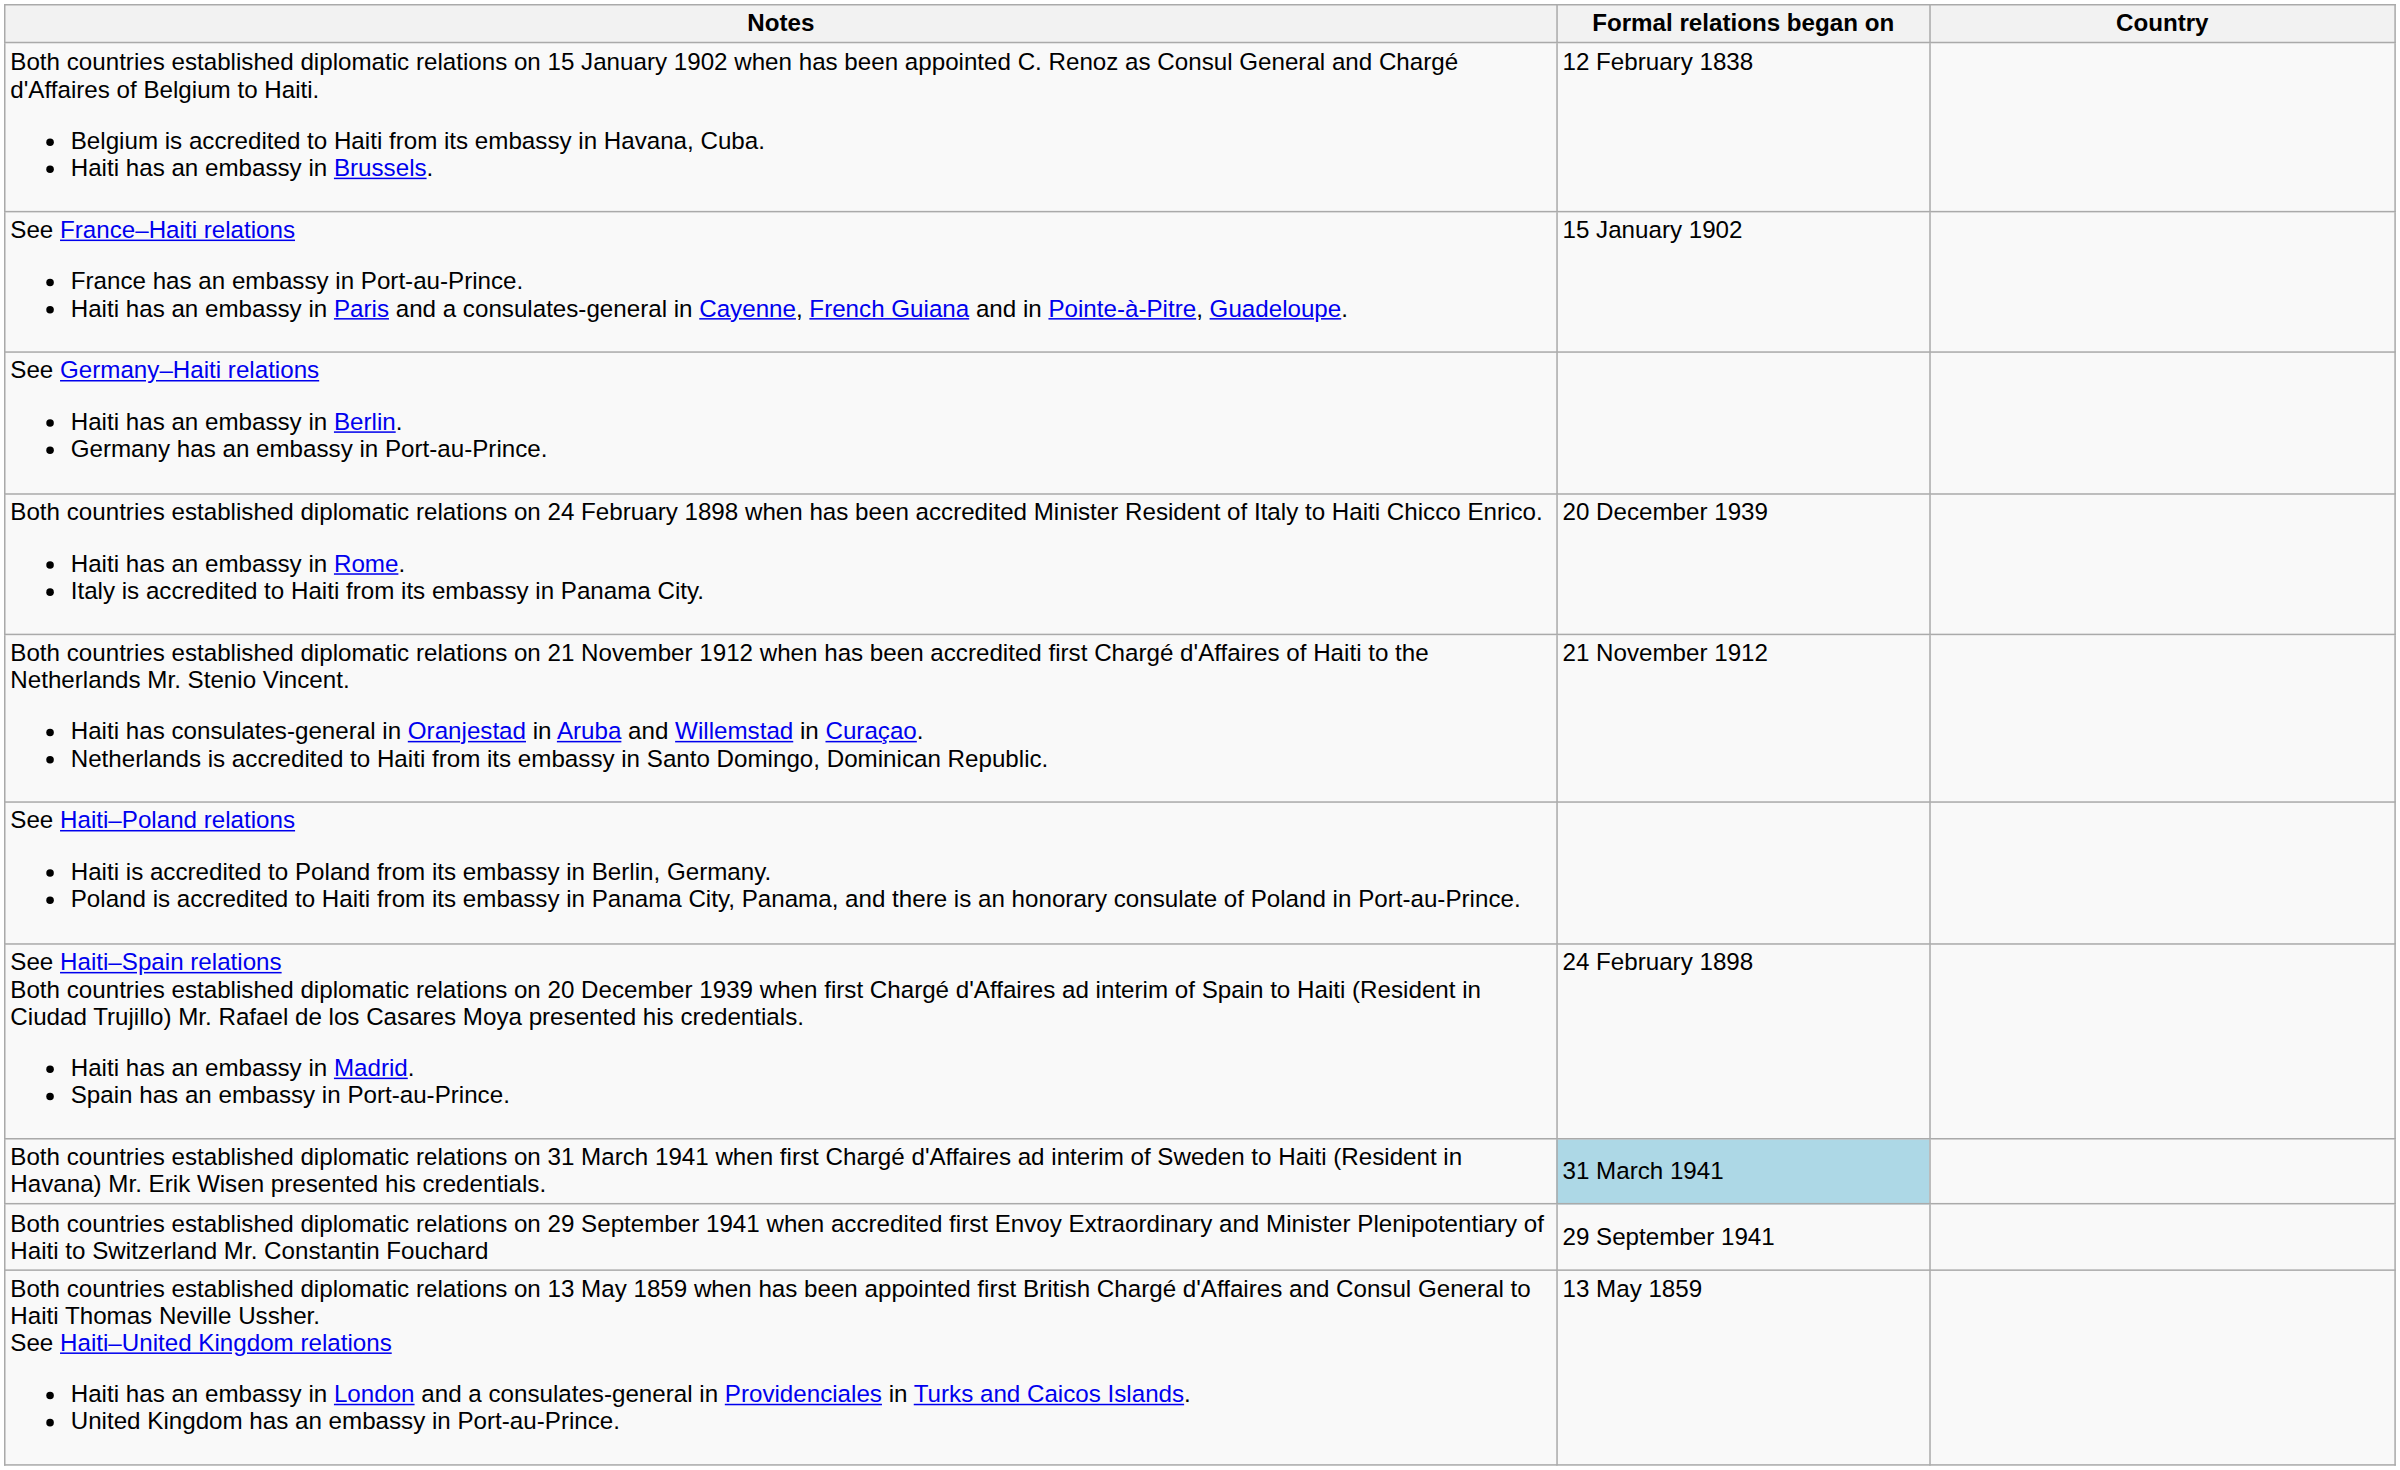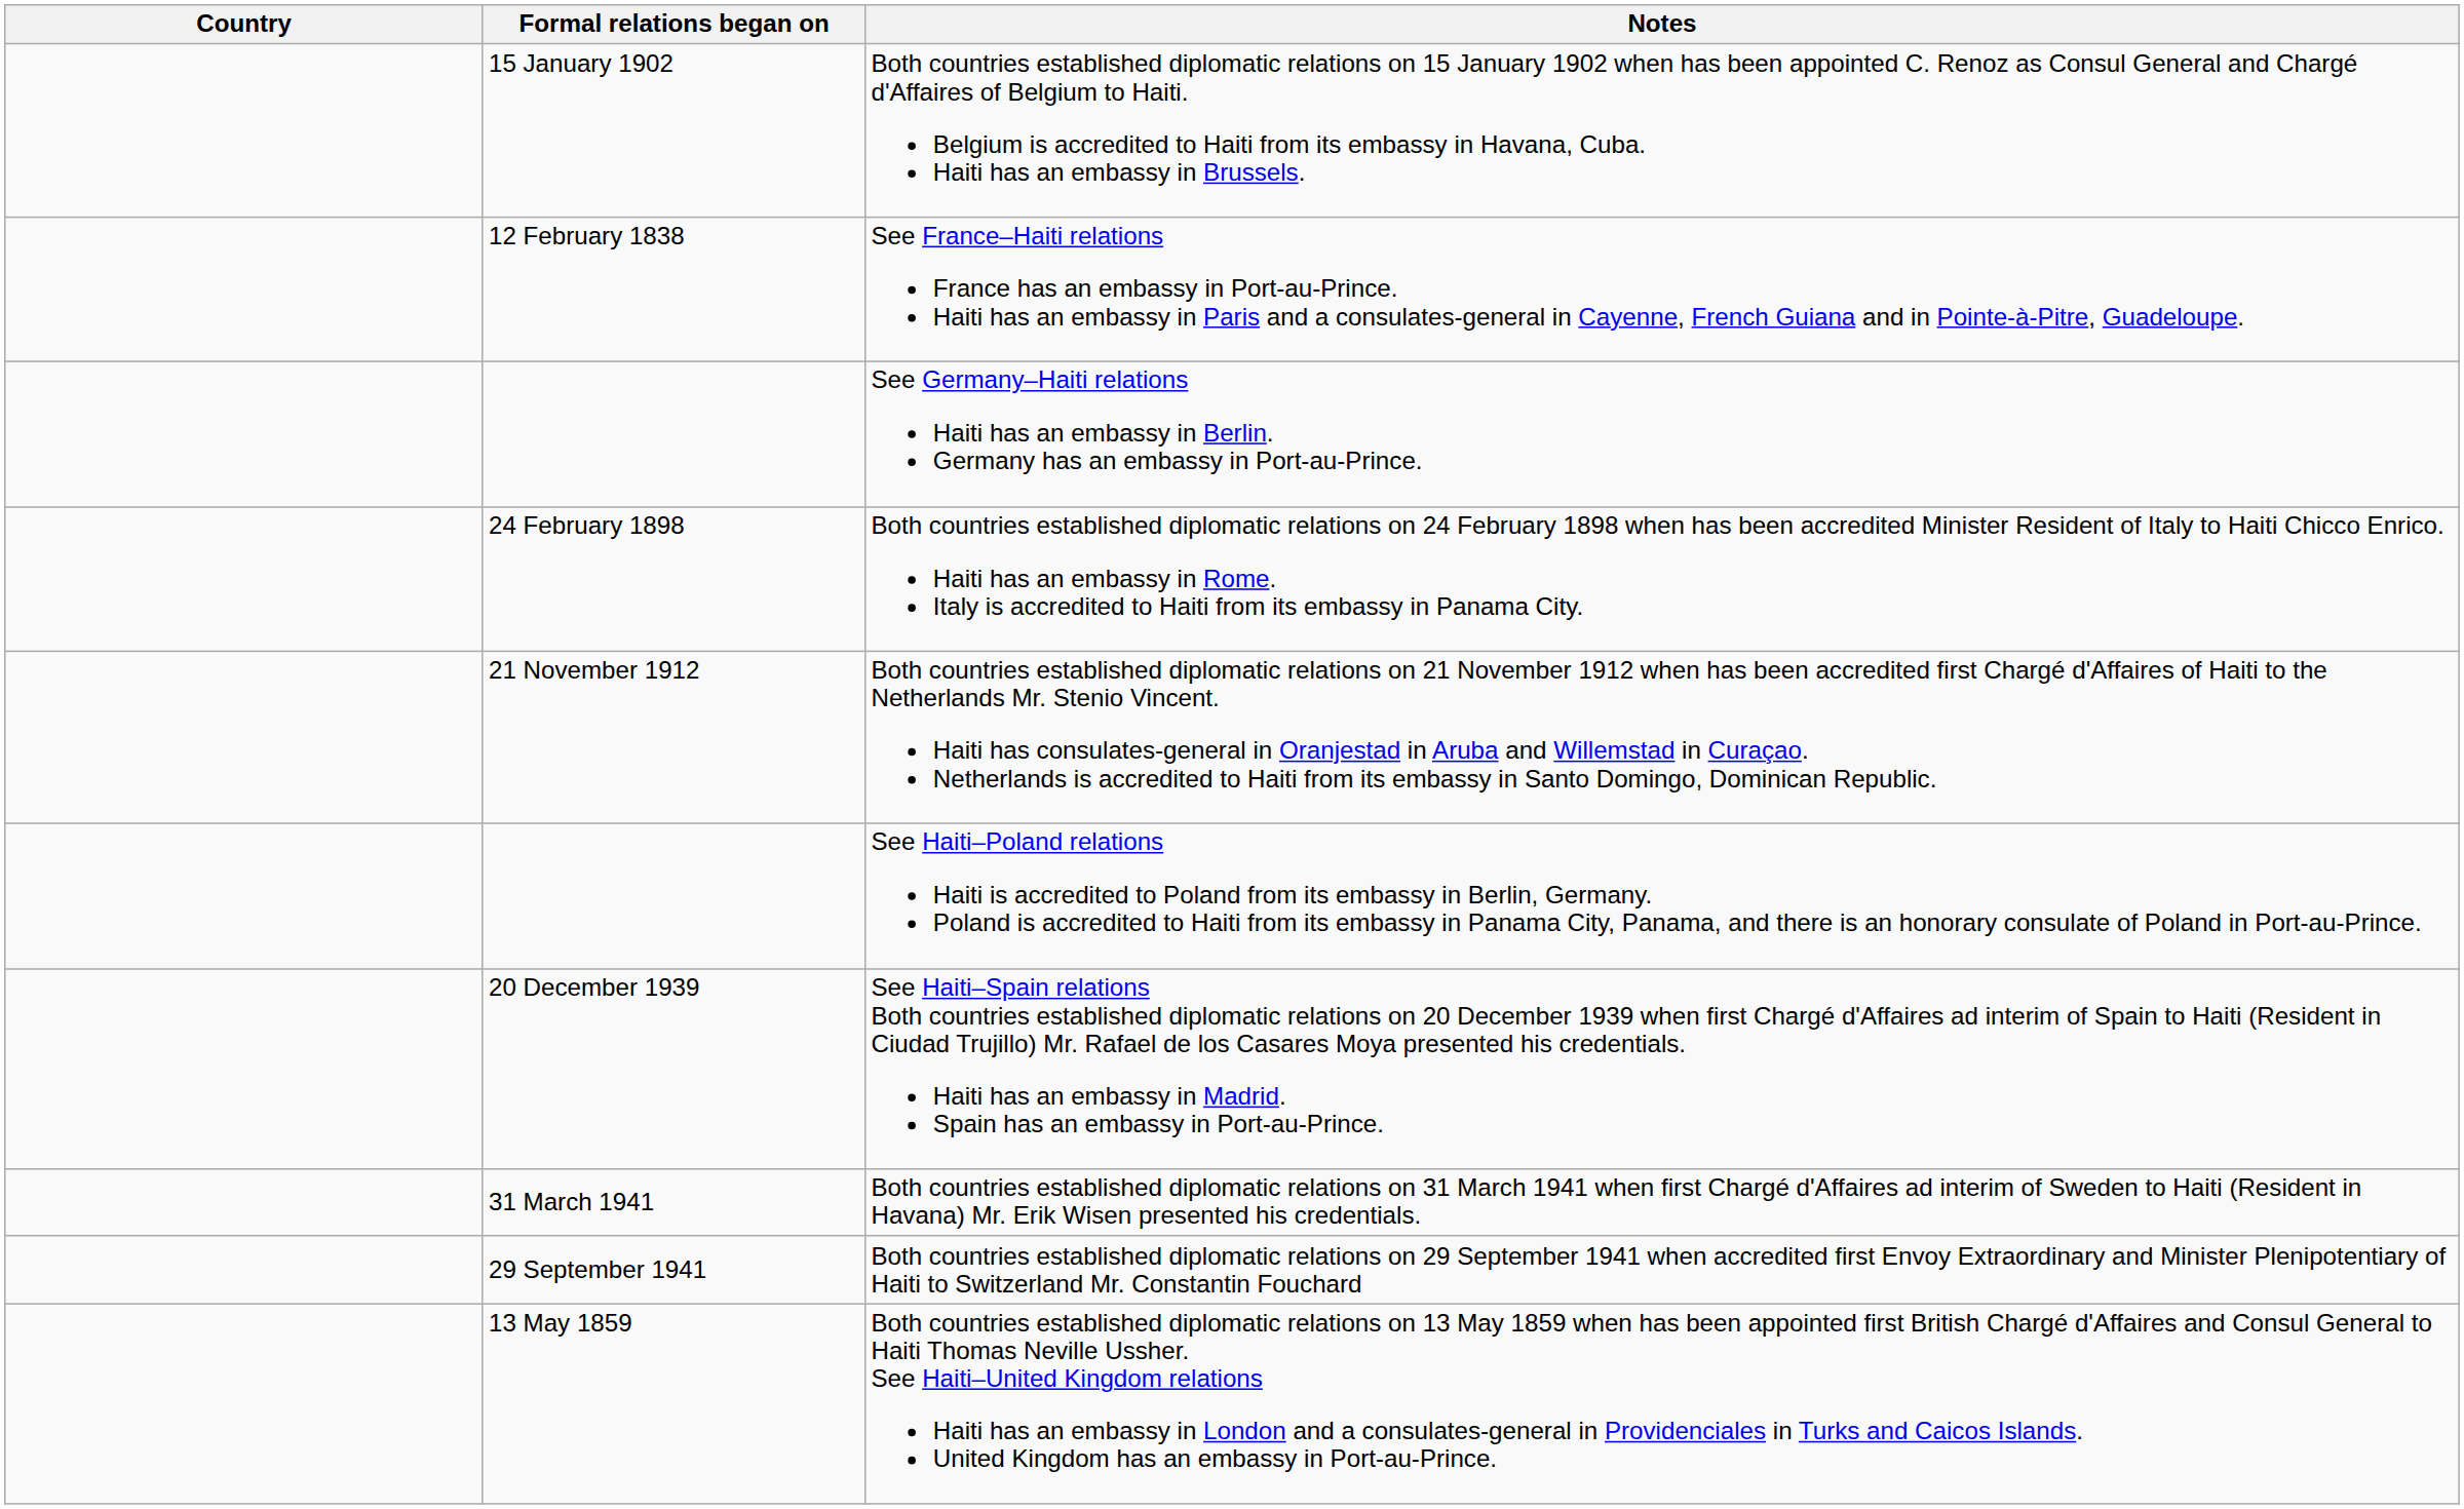 <table class="wikitable sortable" style="width:100%; margin:auto;">
 <tr>
+<th style="width:15%;">Country</th>
+<th style="width:12%;">Formal relations began on</th>
 <th style="width:50%;">Notes</th>
-<th style="width:12%;">Formal relations began on</th>
-<th style="width:15%;">Country</th>
 </tr>
 <tr valign="top">
+<td></td>
+<td>15 January 1902</td>
 <td>Both countries established diplomatic relations on 15 January 1902 when has been appointed C. Renoz as Consul General and Chargé d'Affaires of Belgium to Haiti.<br><ul><li>Belgium is accredited to Haiti from its embassy in Havana, Cuba.</li><li>Haiti has an embassy in <a href='#'>Brussels</a>.</li></ul></td>
-<td>12 February 1838</td>
-<td></td>
 </tr>
 <tr valign="top">
+<td></td>
+<td>12 February 1838</td>
 <td>See <a href='#'>France–Haiti relations</a><br><ul><li>France has an embassy in Port-au-Prince.</li><li>Haiti has an embassy in <a href='#'>Paris</a> and a consulates-general in <a href='#'>Cayenne</a>, <a href='#'>French Guiana</a> and in <a href='#'>Pointe-à-Pitre</a>, <a href='#'>Guadeloupe</a>.</li></ul></td>
-<td>15 January 1902</td>
-<td></td>
 </tr>
 <tr valign="top">
-<td>See <a href='#'>Germany–Haiti relations</a><br><ul><li>Haiti has an embassy in <a href='#'>Berlin</a>.</li><li>Germany has an embassy in Port-au-Prince.</li></ul></td>
 <td></td>
 <td></td>
+<td>See <a href='#'>Germany–Haiti relations</a><br><ul><li>Haiti has an embassy in <a href='#'>Berlin</a>.</li><li>Germany has an embassy in Port-au-Prince.</li></ul></td>
 </tr>
 <tr valign="top">
+<td></td>
+<td>24 February 1898</td>
 <td>Both countries established diplomatic relations on 24 February 1898 when has been accredited Minister Resident of Italy to Haiti Chicco Enrico.<br><ul><li>Haiti has an embassy in <a href='#'>Rome</a>.</li><li>Italy is accredited to Haiti from its embassy in Panama City.</li></ul></td>
-<td>20 December 1939</td>
-<td></td>
 </tr>
 <tr valign="top">
+<td></td>
+<td>21 November 1912</td>
 <td>Both countries established diplomatic relations on 21 November 1912 when has been accredited first Chargé d'Affaires of Haiti to the Netherlands Mr. Stenio Vincent.<br><ul><li>Haiti has consulates-general in <a href='#'>Oranjestad</a> in <a href='#'>Aruba</a> and <a href='#'>Willemstad</a> in <a href='#'>Curaçao</a>.</li><li>Netherlands is accredited to Haiti from its embassy in Santo Domingo, Dominican Republic.</li></ul></td>
-<td>21 November 1912</td>
-<td></td>
 </tr>
 <tr valign="top">
-<td>See <a href='#'>Haiti–Poland relations</a><br><ul><li>Haiti is accredited to Poland from its embassy in Berlin, Germany.</li><li>Poland is accredited to Haiti from its embassy in Panama City, Panama, and there is an honorary consulate of Poland in Port-au-Prince.</li></ul></td>
 <td></td>
 <td></td>
+<td>See <a href='#'>Haiti–Poland relations</a><br><ul><li>Haiti is accredited to Poland from its embassy in Berlin, Germany.</li><li>Poland is accredited to Haiti from its embassy in Panama City, Panama, and there is an honorary consulate of Poland in Port-au-Prince.</li></ul></td>
 </tr>
 <tr valign="top">
+<td></td>
+<td>20 December 1939</td>
 <td>See <a href='#'>Haiti–Spain relations</a><br>Both countries established diplomatic relations on 20 December 1939 when first Chargé d'Affaires ad interim of Spain to Haiti (Resident in Ciudad Trujillo) Mr. Rafael de los Casares Moya presented his credentials.<ul><li>Haiti has an embassy in <a href='#'>Madrid</a>.</li><li>Spain has an embassy in Port-au-Prince.</li></ul></td>
-<td>24 February 1898</td>
-<td></td>
 </tr>
 <tr>
+<td></td>
+<td>31 March 1941</td>
 <td>Both countries established diplomatic relations on 31 March 1941 when first Chargé d'Affaires ad interim of Sweden to Haiti (Resident in Havana) Mr. Erik Wisen presented his credentials.</td>
-<td style="background: lightblue;">31 March 1941</td>
-<td></td>
 </tr>
 <tr>
+<td></td>
+<td>29 September 1941</td>
 <td>Both countries established diplomatic relations on 29 September 1941 when accredited first Envoy Extraordinary and Minister Plenipotentiary of Haiti to Switzerland Mr. Constantin Fouchard</td>
-<td>29 September 1941</td>
-<td></td>
 </tr>
 <tr valign="top">
+<td></td>
+<td>13 May 1859</td>
 <td>Both countries established diplomatic relations on 13 May 1859 when has been appointed first British Chargé d'Affaires and Consul General to Haiti Thomas Neville Ussher.<br>See <a href='#'>Haiti–United Kingdom relations</a><ul><li>Haiti has an embassy in <a href='#'>London</a> and a consulates-general in <a href='#'>Providenciales</a> in <a href='#'>Turks and Caicos Islands</a>.</li><li>United Kingdom has an embassy in Port-au-Prince.</li></ul></td>
-<td>13 May 1859</td>
-<td></td>
 </tr>
 </table>
